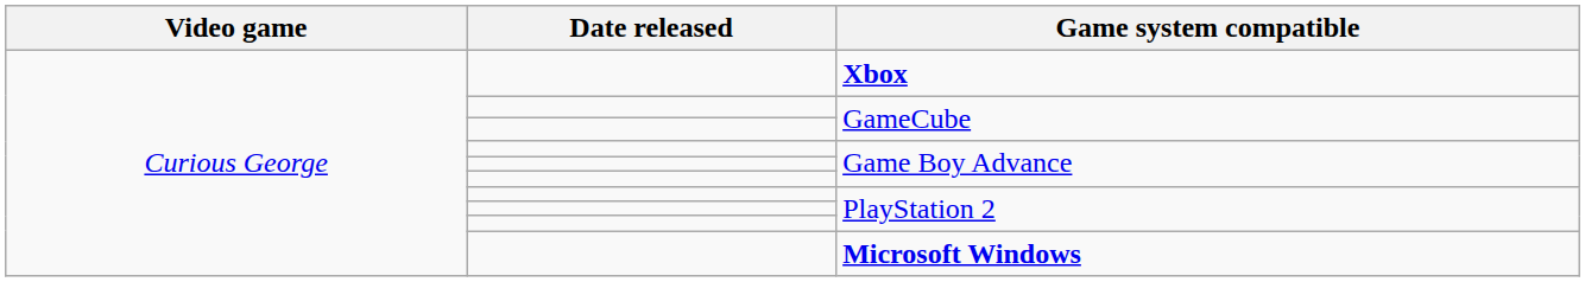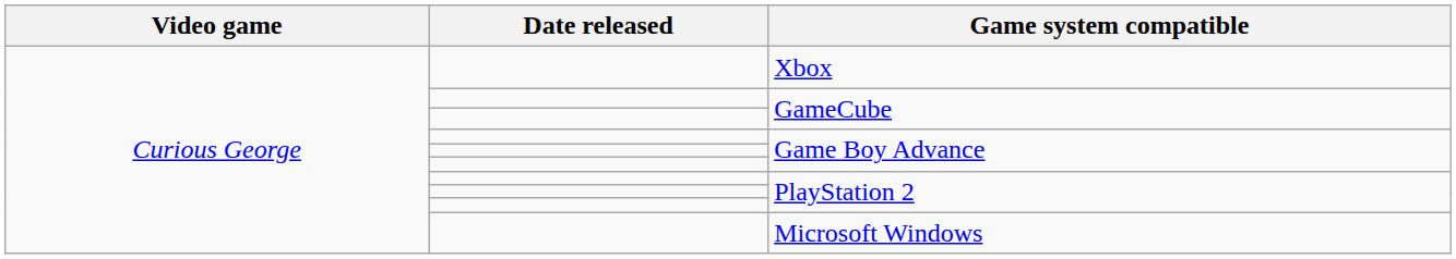 <table class="wikitable" width="100%">
 <tr>
 <th>Video game</th>
 <th width="200px">Date released</th>
 <th>Game system compatible</th>
 </tr>
 <tr>
 <td rowspan="13" align="center"><em><a href='#'>Curious George</a></em></td>
 <td></td>
-<td><strong><a href='#'>Xbox</a></strong></td>
+<td><a href='#'>Xbox</a></td>
 </tr>
 <tr>
 <td></td>
 <td rowspan="2"><a href='#'>GameCube</a></td>
 </tr>
 <tr>
 <td></td>
 </tr>
 <tr>
 <td></td>
 <td rowspan="3"><a href='#'>Game Boy Advance</a></td>
 </tr>
 <tr>
 <td></td>
 </tr>
 <tr>
 <td></td>
 </tr>
 <tr>
 <td></td>
 <td rowspan="3"><a href='#'>PlayStation 2</a></td>
 </tr>
 <tr>
 <td></td>
 </tr>
 <tr>
 <td></td>
 </tr>
 <tr>
 <td></td>
-<td><strong><a href='#'>Microsoft Windows</a></strong></td>
+<td><a href='#'>Microsoft Windows</a></td>
 </tr>
 </table>
